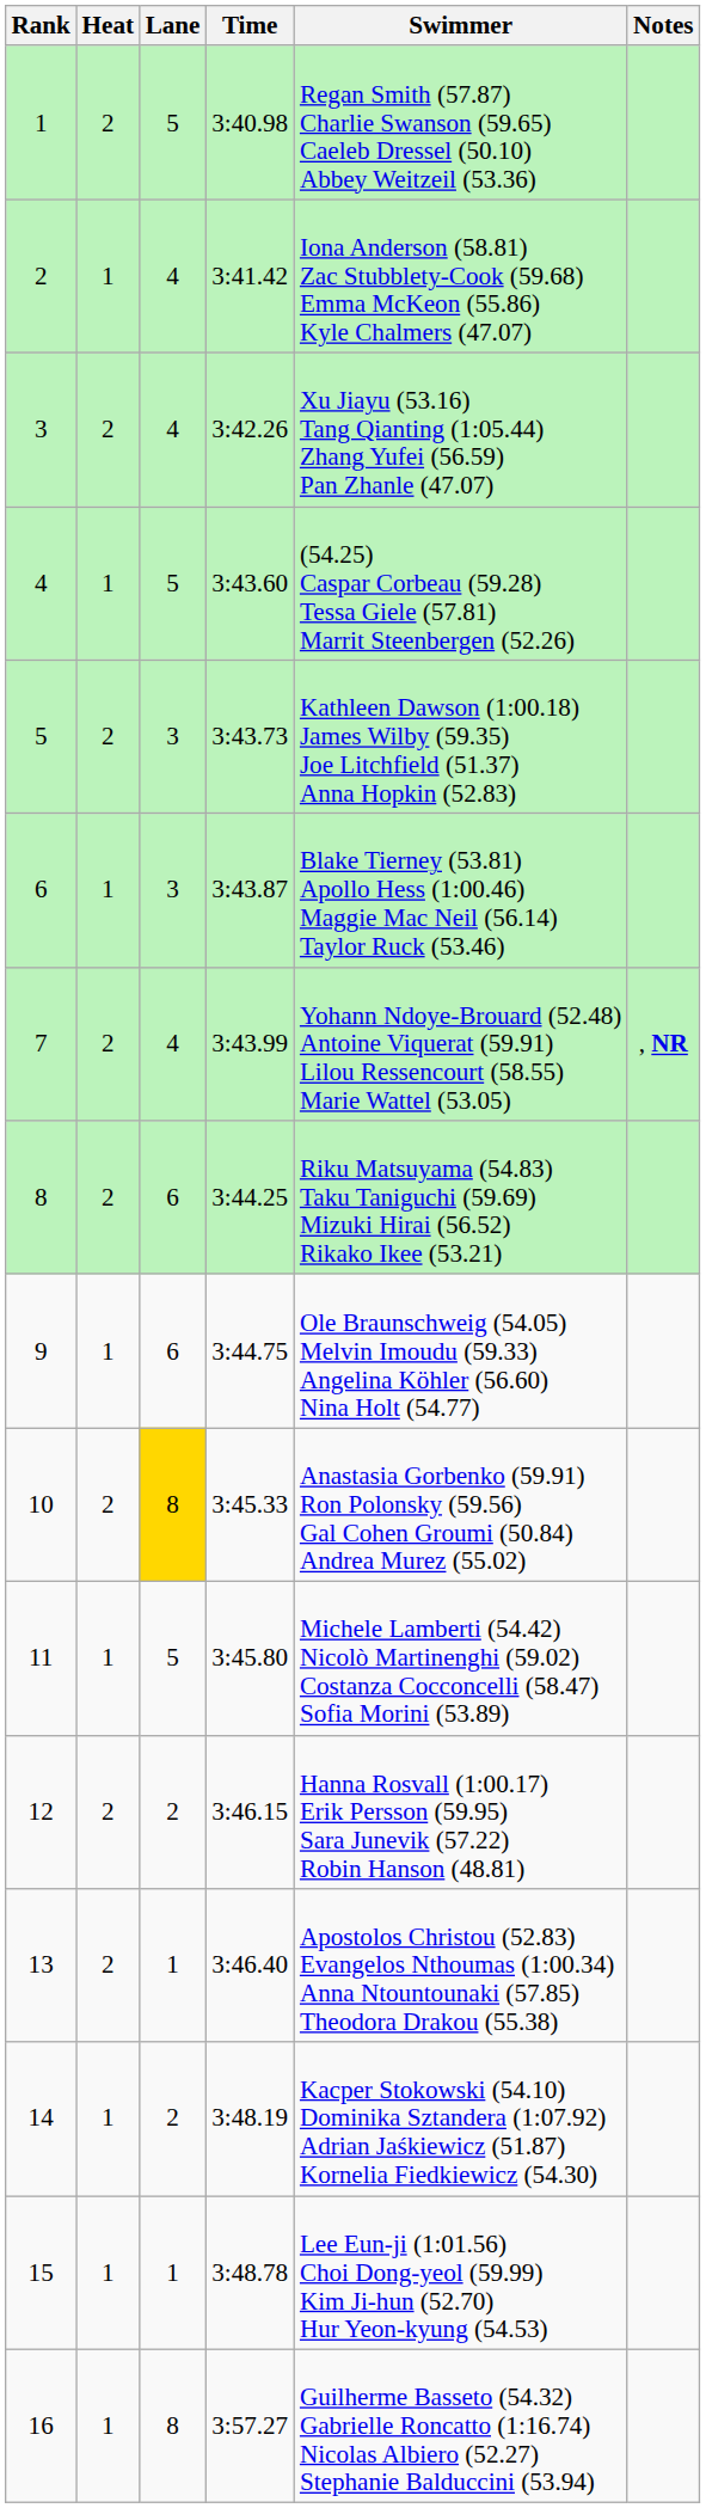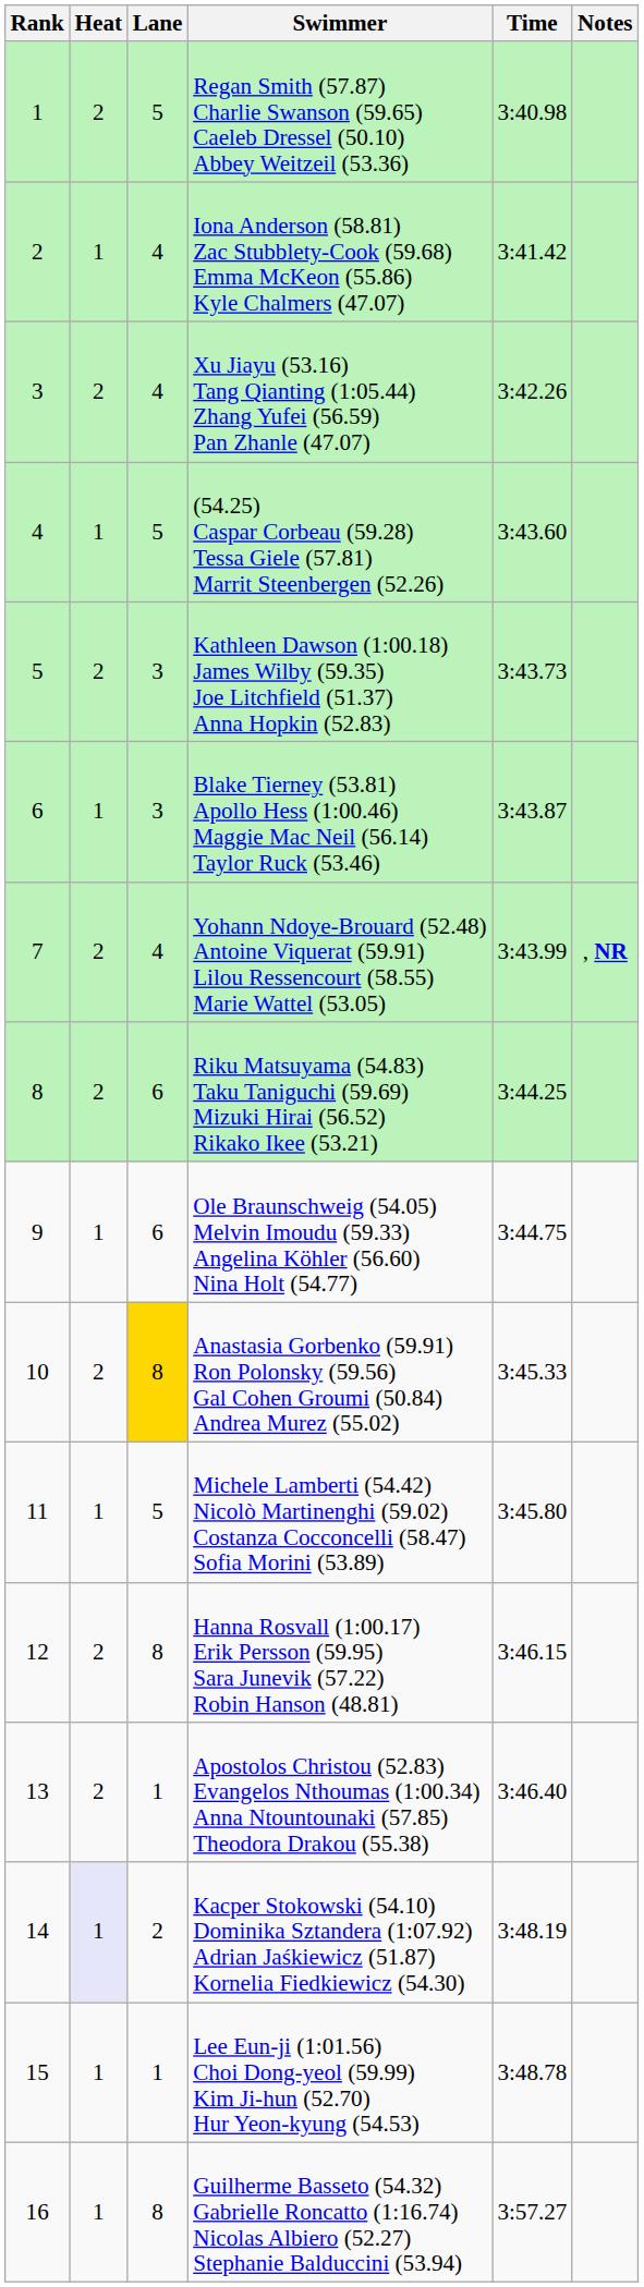 <table class="wikitable sortable mw-collapsible" style="text-align:center">
 <tr>
 <th scope="col">Rank</th>
 <th scope="col">Heat</th>
 <th scope="col">Lane</th>
+<th scope="col">Swimmer</th>
 <th scope="col">Time</th>
-<th scope="col">Swimmer</th>
 <th scope="col">Notes</th>
 </tr>
 <tr bgcolor=bbf3bb>
 <td>1</td>
 <td>2</td>
 <td>5</td>
+<td align="left"> <br><a href='#'>Regan Smith</a> (57.87)<br><a href='#'>Charlie Swanson</a> (59.65)<br><a href='#'>Caeleb Dressel</a> (50.10)<br><a href='#'>Abbey Weitzeil</a> (53.36)</td>
 <td>3:40.98</td>
-<td align="left"> <br><a href='#'>Regan Smith</a> (57.87)<br><a href='#'>Charlie Swanson</a> (59.65)<br><a href='#'>Caeleb Dressel</a> (50.10)<br><a href='#'>Abbey Weitzeil</a> (53.36)</td>
 <td></td>
 </tr>
 <tr bgcolor=bbf3bb>
 <td>2</td>
 <td>1</td>
 <td>4</td>
+<td align="left"> <br><a href='#'>Iona Anderson</a> (58.81)<br><a href='#'>Zac Stubblety-Cook</a> (59.68)<br><a href='#'>Emma McKeon</a> (55.86)<br><a href='#'>Kyle Chalmers</a> (47.07)</td>
 <td>3:41.42</td>
-<td align="left"> <br><a href='#'>Iona Anderson</a> (58.81)<br><a href='#'>Zac Stubblety-Cook</a> (59.68)<br><a href='#'>Emma McKeon</a> (55.86)<br><a href='#'>Kyle Chalmers</a> (47.07)</td>
 <td></td>
 </tr>
 <tr bgcolor=bbf3bb>
 <td>3</td>
 <td>2</td>
 <td>4</td>
+<td align="left"> <br><a href='#'>Xu Jiayu</a> (53.16)<br><a href='#'>Tang Qianting</a> (1:05.44)<br><a href='#'>Zhang Yufei</a> (56.59)<br><a href='#'>Pan Zhanle</a> (47.07)</td>
 <td>3:42.26</td>
-<td align="left"> <br><a href='#'>Xu Jiayu</a> (53.16)<br><a href='#'>Tang Qianting</a> (1:05.44)<br><a href='#'>Zhang Yufei</a> (56.59)<br><a href='#'>Pan Zhanle</a> (47.07)</td>
 <td></td>
 </tr>
 <tr bgcolor=bbf3bb>
 <td>4</td>
 <td>1</td>
 <td>5</td>
+<td align="left"> <br> (54.25)<br><a href='#'>Caspar Corbeau</a> (59.28)<br><a href='#'>Tessa Giele</a> (57.81)<br><a href='#'>Marrit Steenbergen</a> (52.26)</td>
 <td>3:43.60</td>
-<td align="left"> <br> (54.25)<br><a href='#'>Caspar Corbeau</a> (59.28)<br><a href='#'>Tessa Giele</a> (57.81)<br><a href='#'>Marrit Steenbergen</a> (52.26)</td>
 <td></td>
 </tr>
 <tr bgcolor=bbf3bb>
 <td>5</td>
 <td>2</td>
 <td>3</td>
+<td align="left"> <br><a href='#'>Kathleen Dawson</a> (1:00.18)<br><a href='#'>James Wilby</a> (59.35)<br><a href='#'>Joe Litchfield</a> (51.37)<br><a href='#'>Anna Hopkin</a> (52.83)</td>
 <td>3:43.73</td>
-<td align="left"> <br><a href='#'>Kathleen Dawson</a> (1:00.18)<br><a href='#'>James Wilby</a> (59.35)<br><a href='#'>Joe Litchfield</a> (51.37)<br><a href='#'>Anna Hopkin</a> (52.83)</td>
 <td></td>
 </tr>
 <tr bgcolor=bbf3bb>
 <td>6</td>
 <td>1</td>
 <td>3</td>
+<td align="left"> <br><a href='#'>Blake Tierney</a> (53.81)<br><a href='#'>Apollo Hess</a> (1:00.46)<br><a href='#'>Maggie Mac Neil</a> (56.14)<br><a href='#'>Taylor Ruck</a> (53.46)</td>
 <td>3:43.87</td>
-<td align="left"> <br><a href='#'>Blake Tierney</a> (53.81)<br><a href='#'>Apollo Hess</a> (1:00.46)<br><a href='#'>Maggie Mac Neil</a> (56.14)<br><a href='#'>Taylor Ruck</a> (53.46)</td>
 <td></td>
 </tr>
 <tr bgcolor=bbf3bb>
 <td>7</td>
 <td>2</td>
 <td>4</td>
+<td align="left"> <br><a href='#'>Yohann Ndoye-Brouard</a> (52.48)<br><a href='#'>Antoine Viquerat</a> (59.91)<br><a href='#'>Lilou Ressencourt</a> (58.55)<br><a href='#'>Marie Wattel</a> (53.05)</td>
 <td>3:43.99</td>
-<td align="left"> <br><a href='#'>Yohann Ndoye-Brouard</a> (52.48)<br><a href='#'>Antoine Viquerat</a> (59.91)<br><a href='#'>Lilou Ressencourt</a> (58.55)<br><a href='#'>Marie Wattel</a> (53.05)</td>
 <td>, <strong><a href='#'>NR</a></strong></td>
 </tr>
 <tr bgcolor=bbf3bb>
 <td>8</td>
 <td>2</td>
 <td>6</td>
+<td align="left"> <br><a href='#'>Riku Matsuyama</a> (54.83)<br><a href='#'>Taku Taniguchi</a> (59.69)<br><a href='#'>Mizuki Hirai</a> (56.52)<br><a href='#'>Rikako Ikee</a> (53.21)</td>
 <td>3:44.25</td>
-<td align="left"> <br><a href='#'>Riku Matsuyama</a> (54.83)<br><a href='#'>Taku Taniguchi</a> (59.69)<br><a href='#'>Mizuki Hirai</a> (56.52)<br><a href='#'>Rikako Ikee</a> (53.21)</td>
 <td></td>
 </tr>
 <tr>
 <td>9</td>
 <td>1</td>
 <td>6</td>
+<td align="left"> <br><a href='#'>Ole Braunschweig</a> (54.05)<br><a href='#'>Melvin Imoudu</a> (59.33)<br><a href='#'>Angelina Köhler</a> (56.60)<br><a href='#'>Nina Holt</a> (54.77)</td>
 <td>3:44.75</td>
-<td align="left"> <br><a href='#'>Ole Braunschweig</a> (54.05)<br><a href='#'>Melvin Imoudu</a> (59.33)<br><a href='#'>Angelina Köhler</a> (56.60)<br><a href='#'>Nina Holt</a> (54.77)</td>
 <td></td>
 </tr>
 <tr>
 <td>10</td>
 <td>2</td>
 <td style="background: gold;">8</td>
+<td align="left"> <br><a href='#'>Anastasia Gorbenko</a> (59.91)<br><a href='#'>Ron Polonsky</a> (59.56)<br><a href='#'>Gal Cohen Groumi</a> (50.84)<br><a href='#'>Andrea Murez</a> (55.02)</td>
 <td>3:45.33</td>
-<td align="left"> <br><a href='#'>Anastasia Gorbenko</a> (59.91)<br><a href='#'>Ron Polonsky</a> (59.56)<br><a href='#'>Gal Cohen Groumi</a> (50.84)<br><a href='#'>Andrea Murez</a> (55.02)</td>
 <td></td>
 </tr>
 <tr>
 <td>11</td>
 <td>1</td>
 <td>5</td>
+<td align="left"> <br><a href='#'>Michele Lamberti</a> (54.42)<br><a href='#'>Nicolò Martinenghi</a> (59.02)<br><a href='#'>Costanza Cocconcelli</a> (58.47)<br><a href='#'>Sofia Morini</a> (53.89)</td>
 <td>3:45.80</td>
-<td align="left"> <br><a href='#'>Michele Lamberti</a> (54.42)<br><a href='#'>Nicolò Martinenghi</a> (59.02)<br><a href='#'>Costanza Cocconcelli</a> (58.47)<br><a href='#'>Sofia Morini</a> (53.89)</td>
 <td></td>
 </tr>
 <tr>
 <td>12</td>
 <td>2</td>
-<td>2</td>
+<td>8</td>
+<td align="left"> <br><a href='#'>Hanna Rosvall</a> (1:00.17)<br><a href='#'>Erik Persson</a> (59.95)<br><a href='#'>Sara Junevik</a> (57.22)<br><a href='#'>Robin Hanson</a> (48.81)</td>
 <td>3:46.15</td>
-<td align="left"> <br><a href='#'>Hanna Rosvall</a> (1:00.17)<br><a href='#'>Erik Persson</a> (59.95)<br><a href='#'>Sara Junevik</a> (57.22)<br><a href='#'>Robin Hanson</a> (48.81)</td>
 <td></td>
 </tr>
 <tr>
 <td>13</td>
 <td>2</td>
 <td>1</td>
+<td align="left"> <br><a href='#'>Apostolos Christou</a> (52.83)<br><a href='#'>Evangelos Nthoumas</a> (1:00.34)<br><a href='#'>Anna Ntountounaki</a> (57.85)<br><a href='#'>Theodora Drakou</a> (55.38)</td>
 <td>3:46.40</td>
-<td align="left"> <br><a href='#'>Apostolos Christou</a> (52.83)<br><a href='#'>Evangelos Nthoumas</a> (1:00.34)<br><a href='#'>Anna Ntountounaki</a> (57.85)<br><a href='#'>Theodora Drakou</a> (55.38)</td>
 <td></td>
 </tr>
 <tr>
 <td>14</td>
-<td>1</td>
+<td style="background: lavender;">1</td>
 <td>2</td>
+<td align="left"> <br><a href='#'>Kacper Stokowski</a> (54.10)<br><a href='#'>Dominika Sztandera</a> (1:07.92)<br><a href='#'>Adrian Jaśkiewicz</a> (51.87)<br><a href='#'>Kornelia Fiedkiewicz</a> (54.30)</td>
 <td>3:48.19</td>
-<td align="left"> <br><a href='#'>Kacper Stokowski</a> (54.10)<br><a href='#'>Dominika Sztandera</a> (1:07.92)<br><a href='#'>Adrian Jaśkiewicz</a> (51.87)<br><a href='#'>Kornelia Fiedkiewicz</a> (54.30)</td>
 <td></td>
 </tr>
 <tr>
 <td>15</td>
 <td>1</td>
 <td>1</td>
+<td align="left"> <br><a href='#'>Lee Eun-ji</a> (1:01.56)<br><a href='#'>Choi Dong-yeol</a> (59.99)<br><a href='#'>Kim Ji-hun</a> (52.70)<br><a href='#'>Hur Yeon-kyung</a> (54.53)</td>
 <td>3:48.78</td>
-<td align="left"> <br><a href='#'>Lee Eun-ji</a> (1:01.56)<br><a href='#'>Choi Dong-yeol</a> (59.99)<br><a href='#'>Kim Ji-hun</a> (52.70)<br><a href='#'>Hur Yeon-kyung</a> (54.53)</td>
 <td></td>
 </tr>
 <tr>
 <td>16</td>
 <td>1</td>
 <td>8</td>
+<td align="left"> <br><a href='#'>Guilherme Basseto</a> (54.32)<br><a href='#'>Gabrielle Roncatto</a> (1:16.74)<br><a href='#'>Nicolas Albiero</a> (52.27)<br><a href='#'>Stephanie Balduccini</a> (53.94)</td>
 <td>3:57.27</td>
-<td align="left"> <br><a href='#'>Guilherme Basseto</a> (54.32)<br><a href='#'>Gabrielle Roncatto</a> (1:16.74)<br><a href='#'>Nicolas Albiero</a> (52.27)<br><a href='#'>Stephanie Balduccini</a> (53.94)</td>
 <td></td>
 </tr>
 </table>
